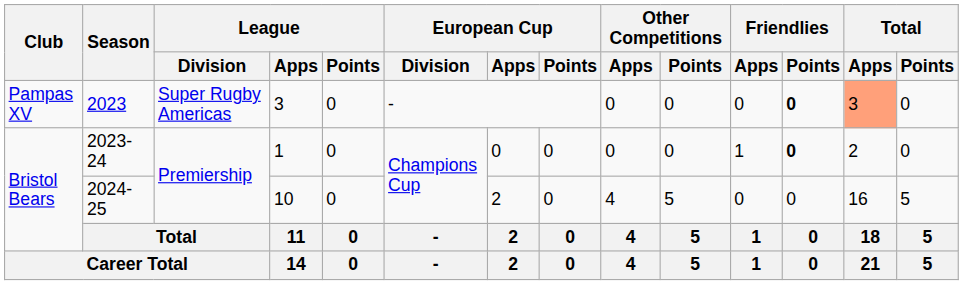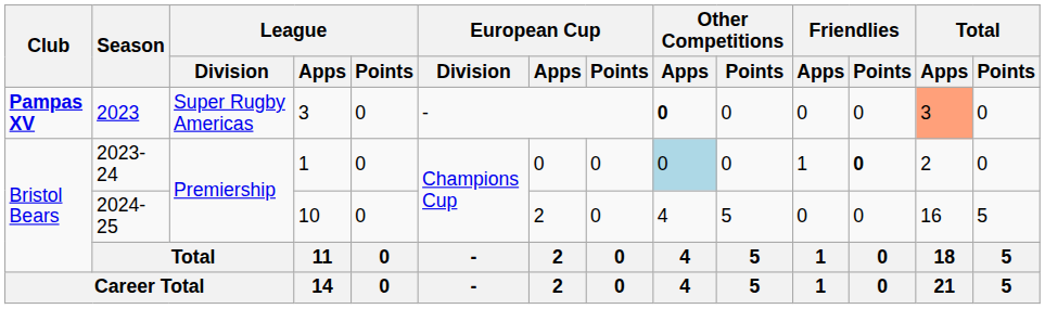 <table class="wikitable">
 <tr>
 <th rowspan="2">Club</th>
 <th rowspan="2">Season</th>
 <th colspan="3">League</th>
 <th colspan="3">European Cup</th>
 <th colspan="2">Other Competitions</th>
 <th colspan="2">Friendlies</th>
 <th colspan="2">Total</th>
 </tr>
 <tr>
 <th>Division</th>
 <th>Apps</th>
 <th>Points</th>
 <th>Division</th>
 <th>Apps</th>
 <th>Points</th>
 <th>Apps</th>
 <th>Points</th>
 <th>Apps</th>
 <th>Points</th>
 <th>Apps</th>
 <th>Points</th>
 </tr>
 <tr>
-<td><a href='#'>Pampas XV</a></td>
+<td><strong><a href='#'>Pampas XV</a></strong></td>
 <td><a href='#'>2023</a></td>
 <td><a href='#'>Super Rugby Americas</a></td>
 <td>3</td>
 <td>0</td>
 <td colspan="3">-</td>
+<td><strong>0</strong></td>
 <td>0</td>
 <td>0</td>
 <td>0</td>
-<td><strong>0</strong></td>
 <td style="background: lightsalmon;">3</td>
 <td>0</td>
 </tr>
 <tr>
 <td rowspan="3"><a href='#'>Bristol Bears</a></td>
 <td>2023-24</td>
 <td rowspan="2"><a href='#'>Premiership</a></td>
 <td>1</td>
 <td>0</td>
 <td rowspan="2"><a href='#'>Champions Cup</a></td>
 <td>0</td>
 <td>0</td>
-<td>0</td>
+<td style="background: lightblue;">0</td>
 <td>0</td>
 <td>1</td>
 <td><strong>0</strong></td>
 <td>2</td>
 <td>0</td>
 </tr>
 <tr>
 <td>2024-25</td>
 <td>10</td>
 <td>0</td>
 <td>2</td>
 <td>0</td>
 <td>4</td>
 <td>5</td>
 <td>0</td>
 <td>0</td>
 <td>16</td>
 <td>5</td>
 </tr>
 <tr>
 <th colspan="2">Total</th>
 <th>11</th>
 <th>0</th>
 <th>-</th>
 <th>2</th>
 <th>0</th>
 <th>4</th>
 <th>5</th>
 <th>1</th>
 <th>0</th>
 <th>18</th>
 <th>5</th>
 </tr>
 <tr>
 <th colspan="3">Career Total</th>
 <th>14</th>
 <th>0</th>
 <th>-</th>
 <th>2</th>
 <th>0</th>
 <th>4</th>
 <th>5</th>
 <th>1</th>
 <th>0</th>
 <th>21</th>
 <th>5</th>
 </tr>
 </table>
